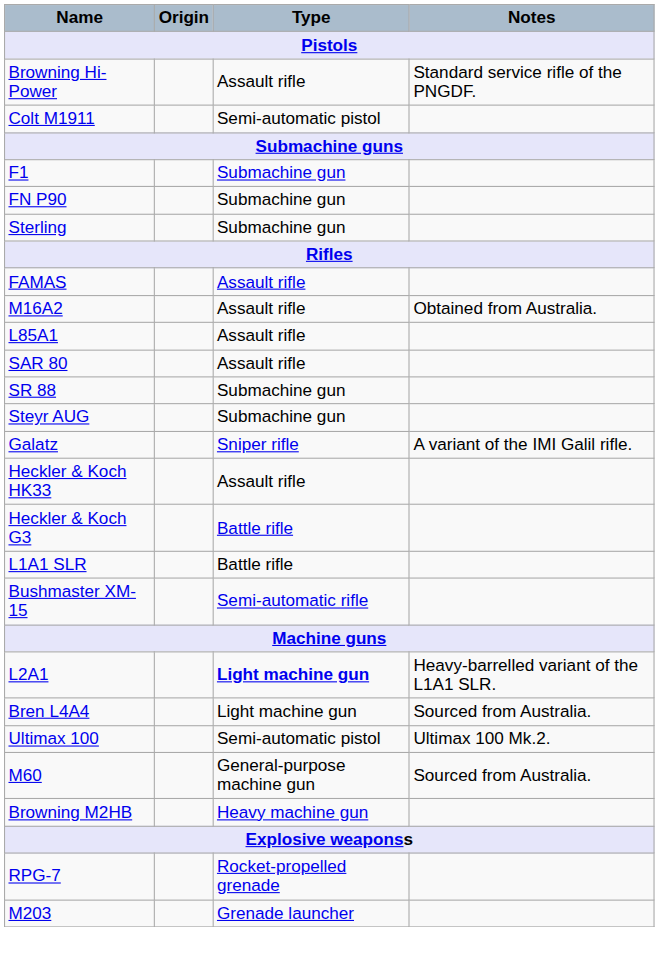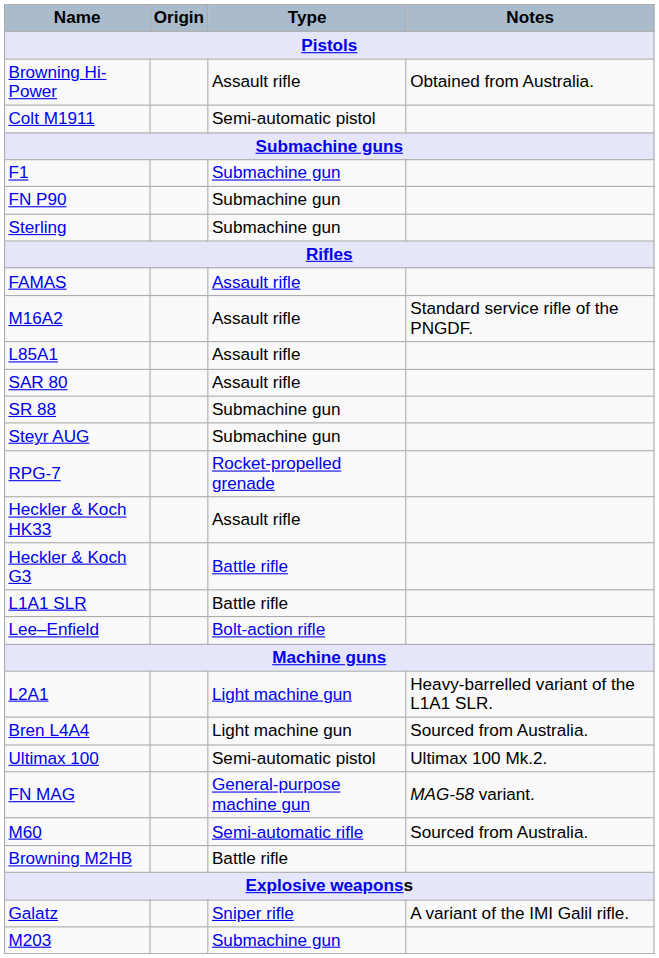 <table class="wikitable">
 <tr>
 <th style="text-align:center; background:#aabccc;">Name</th>
 <th style="text-align: center; background:#aabccc;">Origin</th>
 <th style="text-align:l center; background:#aabccc;">Type</th>
 <th style="text-align: center; background:#aabccc;">Notes</th>
 </tr>
 <tr>
 <th colspan="4" style="align: center; background: lavender;"><a href='#'>Pistols</a></th>
 </tr>
 <tr>
 <td><a href='#'>Browning Hi-Power</a></td>
 <td></td>
 <td>Assault rifle</td>
-<td>Standard service rifle of the PNGDF.</td>
+<td>Obtained from Australia.</td>
 </tr>
 <tr>
 <td><a href='#'>Colt M1911</a></td>
 <td></td>
 <td>Semi-automatic pistol</td>
 <td></td>
 </tr>
 <tr>
 <th colspan="4" style="align: center; background: lavender;"><a href='#'>Submachine guns</a></th>
 </tr>
 <tr>
 <td><a href='#'>F1</a></td>
 <td></td>
 <td><a href='#'>Submachine gun</a></td>
 <td></td>
 </tr>
 <tr>
 <td><a href='#'>FN P90</a></td>
 <td></td>
 <td>Submachine gun</td>
 <td></td>
 </tr>
 <tr>
 <td><a href='#'>Sterling</a></td>
 <td></td>
 <td>Submachine gun</td>
 <td></td>
 </tr>
 <tr>
 <th colspan="4" style="align: center; background: lavender;"><a href='#'>Rifles</a></th>
 </tr>
 <tr>
 <td><a href='#'>FAMAS</a></td>
 <td></td>
 <td><a href='#'>Assault rifle</a></td>
 <td></td>
 </tr>
 <tr>
 <td><a href='#'>M16A2</a></td>
 <td></td>
 <td>Assault rifle</td>
-<td>Obtained from Australia.</td>
+<td>Standard service rifle of the PNGDF.</td>
 </tr>
 <tr>
 <td><a href='#'>L85A1</a></td>
 <td></td>
 <td>Assault rifle</td>
 <td></td>
 </tr>
 <tr>
 <td><a href='#'>SAR 80</a></td>
 <td></td>
 <td>Assault rifle</td>
 <td></td>
 </tr>
 <tr>
 <td><a href='#'>SR 88</a></td>
 <td></td>
 <td>Submachine gun</td>
 <td></td>
 </tr>
 <tr>
 <td><a href='#'>Steyr AUG</a></td>
 <td></td>
 <td>Submachine gun</td>
 <td></td>
 </tr>
 <tr>
-<td><a href='#'>Galatz</a></td>
+<td><a href='#'>RPG-7</a></td>
 <td></td>
-<td><a href='#'>Sniper rifle</a></td>
-<td>A variant of the IMI Galil rifle.</td>
+<td><a href='#'>Rocket-propelled grenade</a></td>
+<td></td>
 </tr>
 <tr>
 <td><a href='#'>Heckler & Koch HK33</a></td>
 <td></td>
 <td>Assault rifle</td>
 <td></td>
 </tr>
 <tr>
 <td><a href='#'>Heckler & Koch G3</a></td>
 <td></td>
 <td><a href='#'>Battle rifle</a></td>
 <td></td>
 </tr>
 <tr>
 <td><a href='#'>L1A1 SLR</a></td>
 <td><br></td>
 <td>Battle rifle</td>
 <td></td>
 </tr>
 <tr>
-<td><a href='#'>Bushmaster XM-15</a></td>
+<td><a href='#'>Lee–Enfield</a></td>
 <td></td>
-<td><a href='#'>Semi-automatic rifle</a></td>
+<td><a href='#'>Bolt-action rifle</a></td>
 <td></td>
 </tr>
 <tr>
 <th colspan="4" style="align: center; background: lavender;"><a href='#'>Machine guns</a></th>
 </tr>
 <tr>
 <td><a href='#'>L2A1</a></td>
 <td></td>
-<td><strong><a href='#'>Light machine gun</a></strong></td>
+<td><a href='#'>Light machine gun</a></td>
 <td>Heavy-barrelled variant of the L1A1 SLR.</td>
 </tr>
 <tr>
 <td><a href='#'>Bren L4A4</a></td>
 <td></td>
 <td>Light machine gun</td>
 <td>Sourced from Australia.</td>
 </tr>
 <tr>
 <td><a href='#'>Ultimax 100</a></td>
 <td></td>
 <td>Semi-automatic pistol</td>
 <td>Ultimax 100 Mk.2.</td>
 </tr>
 <tr>
+<td><a href='#'>FN MAG</a></td>
+<td></td>
+<td><a href='#'>General-purpose machine gun</a></td>
+<td><em>MAG-58</em> variant.</td>
+</tr>
+<tr>
 <td><a href='#'>M60</a></td>
 <td></td>
-<td>General-purpose machine gun</td>
+<td><a href='#'>Semi-automatic rifle</a></td>
 <td>Sourced from Australia.</td>
 </tr>
 <tr>
 <td><a href='#'>Browning M2HB</a></td>
 <td></td>
-<td><a href='#'>Heavy machine gun</a></td>
+<td>Battle rifle</td>
 <td></td>
 </tr>
 <tr>
 <th colspan="4" style="align: center; background: lavender;"><a href='#'>Explosive weapons</a>s</th>
 </tr>
 <tr>
-<td><a href='#'>RPG-7</a></td>
+<td><a href='#'>Galatz</a></td>
 <td></td>
-<td><a href='#'>Rocket-propelled grenade</a></td>
-<td></td>
+<td><a href='#'>Sniper rifle</a></td>
+<td>A variant of the IMI Galil rifle.</td>
 </tr>
 <tr>
 <td><a href='#'>M203</a></td>
 <td></td>
-<td><a href='#'>Grenade launcher</a></td>
+<td><a href='#'>Submachine gun</a></td>
 <td></td>
 </tr>
 </table>
